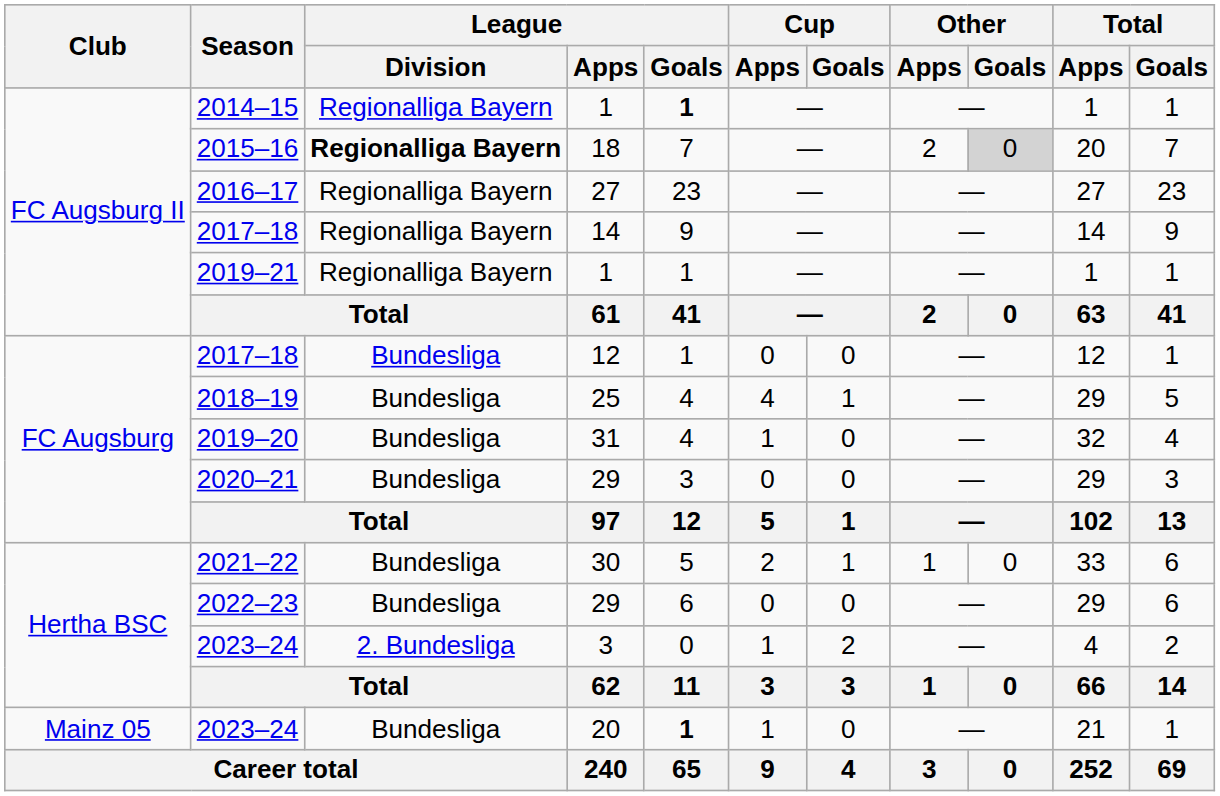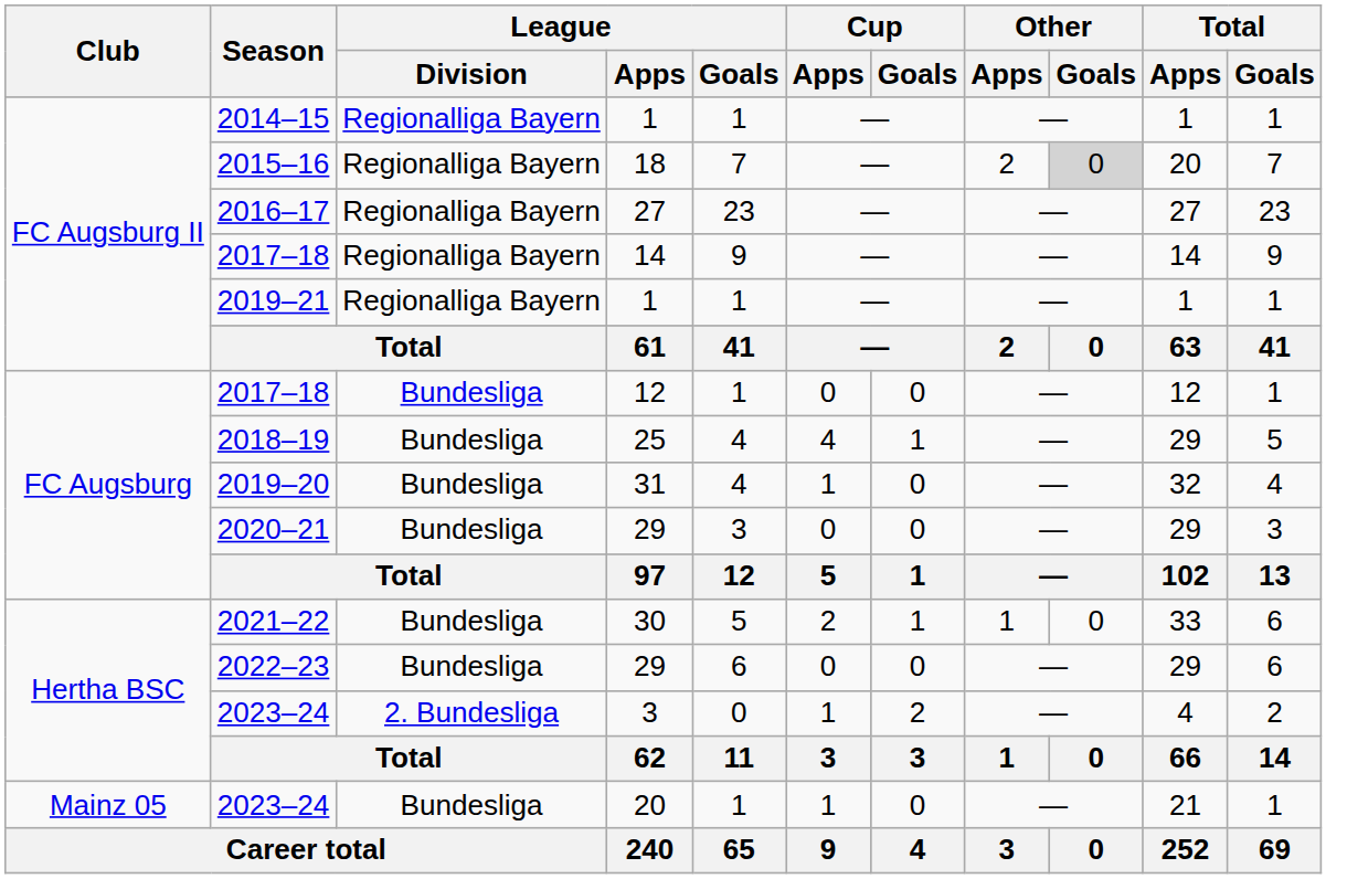 <table class="wikitable" style="text-align:center">
 <tr>
 <th rowspan="2">Club</th>
 <th rowspan="2">Season</th>
 <th colspan="3">League</th>
 <th colspan="2">Cup</th>
 <th colspan="2">Other</th>
 <th colspan="2">Total</th>
 </tr>
 <tr>
 <th>Division</th>
 <th>Apps</th>
 <th>Goals</th>
 <th>Apps</th>
 <th>Goals</th>
 <th>Apps</th>
 <th>Goals</th>
 <th>Apps</th>
 <th>Goals</th>
 </tr>
 <tr>
 <td rowspan="6"><a href='#'>FC Augsburg II</a></td>
 <td><a href='#'>2014–15</a></td>
 <td><a href='#'>Regionalliga Bayern</a></td>
 <td>1</td>
-<td><strong>1</strong></td>
+<td>1</td>
 <td colspan="2">—</td>
 <td colspan="2">—</td>
 <td>1</td>
 <td>1</td>
 </tr>
 <tr>
 <td><a href='#'>2015–16</a></td>
-<td><strong>Regionalliga Bayern</strong></td>
+<td>Regionalliga Bayern</td>
 <td>18</td>
 <td>7</td>
 <td colspan="2">—</td>
 <td>2</td>
 <td style="background: lightgrey;">0</td>
 <td>20</td>
 <td>7</td>
 </tr>
 <tr>
 <td><a href='#'>2016–17</a></td>
 <td>Regionalliga Bayern</td>
 <td>27</td>
 <td>23</td>
 <td colspan="2">—</td>
 <td colspan="2">—</td>
 <td>27</td>
 <td>23</td>
 </tr>
 <tr>
 <td><a href='#'>2017–18</a></td>
 <td>Regionalliga Bayern</td>
 <td>14</td>
 <td>9</td>
 <td colspan="2">—</td>
 <td colspan="2">—</td>
 <td>14</td>
 <td>9</td>
 </tr>
 <tr>
 <td><a href='#'>2019–21</a></td>
 <td>Regionalliga Bayern</td>
 <td>1</td>
 <td>1</td>
 <td colspan="2">—</td>
 <td colspan="2">—</td>
 <td>1</td>
 <td>1</td>
 </tr>
 <tr>
 <th colspan="2">Total</th>
 <th>61</th>
 <th>41</th>
 <th colspan="2">—</th>
 <th>2</th>
 <th>0</th>
 <th>63</th>
 <th>41</th>
 </tr>
 <tr>
 <td rowspan="5"><a href='#'>FC Augsburg</a></td>
 <td><a href='#'>2017–18</a></td>
 <td><a href='#'>Bundesliga</a></td>
 <td>12</td>
 <td>1</td>
 <td>0</td>
 <td>0</td>
 <td colspan="2">—</td>
 <td>12</td>
 <td>1</td>
 </tr>
 <tr>
 <td><a href='#'>2018–19</a></td>
 <td>Bundesliga</td>
 <td>25</td>
 <td>4</td>
 <td>4</td>
 <td>1</td>
 <td colspan="2">—</td>
 <td>29</td>
 <td>5</td>
 </tr>
 <tr>
 <td><a href='#'>2019–20</a></td>
 <td>Bundesliga</td>
 <td>31</td>
 <td>4</td>
 <td>1</td>
 <td>0</td>
 <td colspan="2">—</td>
 <td>32</td>
 <td>4</td>
 </tr>
 <tr>
 <td><a href='#'>2020–21</a></td>
 <td>Bundesliga</td>
 <td>29</td>
 <td>3</td>
 <td>0</td>
 <td>0</td>
 <td colspan="2">—</td>
 <td>29</td>
 <td>3</td>
 </tr>
 <tr>
 <th colspan="2">Total</th>
 <th>97</th>
 <th>12</th>
 <th>5</th>
 <th>1</th>
 <th colspan="2">—</th>
 <th>102</th>
 <th>13</th>
 </tr>
 <tr>
 <td rowspan="4"><a href='#'>Hertha BSC</a></td>
 <td><a href='#'>2021–22</a></td>
 <td>Bundesliga</td>
 <td>30</td>
 <td>5</td>
 <td>2</td>
 <td>1</td>
 <td>1</td>
 <td>0</td>
 <td>33</td>
 <td>6</td>
 </tr>
 <tr>
 <td><a href='#'>2022–23</a></td>
 <td>Bundesliga</td>
 <td>29</td>
 <td>6</td>
 <td>0</td>
 <td>0</td>
 <td colspan="2">—</td>
 <td>29</td>
 <td>6</td>
 </tr>
 <tr>
 <td><a href='#'>2023–24</a></td>
 <td><a href='#'>2. Bundesliga</a></td>
 <td>3</td>
 <td>0</td>
 <td>1</td>
 <td>2</td>
 <td colspan="2">—</td>
 <td>4</td>
 <td>2</td>
 </tr>
 <tr>
 <th colspan="2">Total</th>
 <th>62</th>
 <th>11</th>
 <th>3</th>
 <th>3</th>
 <th>1</th>
 <th>0</th>
 <th>66</th>
 <th>14</th>
 </tr>
 <tr>
 <td><a href='#'>Mainz 05</a></td>
 <td><a href='#'>2023–24</a></td>
 <td>Bundesliga</td>
 <td>20</td>
-<td><strong>1</strong></td>
+<td>1</td>
 <td>1</td>
 <td>0</td>
 <td colspan="2">—</td>
 <td>21</td>
 <td>1</td>
 </tr>
 <tr>
 <th colspan="3">Career total</th>
 <th>240</th>
 <th>65</th>
 <th>9</th>
 <th>4</th>
 <th>3</th>
 <th>0</th>
 <th>252</th>
 <th>69</th>
 </tr>
 </table>
